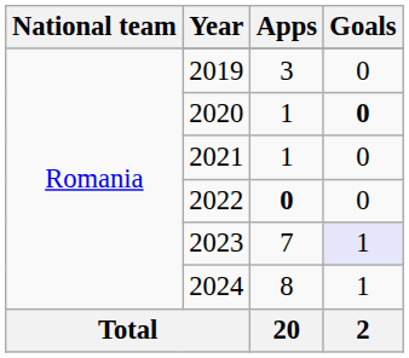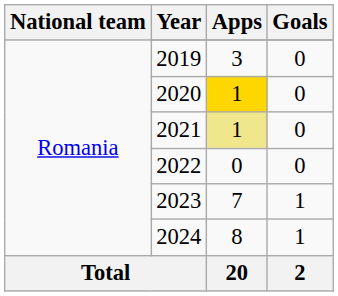 <table class="wikitable" style="text-align:center">
 <tr>
 <th>National team</th>
 <th>Year</th>
 <th>Apps</th>
 <th>Goals</th>
 </tr>
 <tr>
 <td rowspan="7"><a href='#'>Romania</a></td>
 </tr>
 <tr>
 <td>2019</td>
 <td>3</td>
 <td>0</td>
 </tr>
 <tr>
 <td>2020</td>
-<td>1</td>
-<td><strong>0</strong></td>
+<td style="background: gold;">1</td>
+<td>0</td>
 </tr>
 <tr>
 <td>2021</td>
-<td>1</td>
+<td style="background: khaki;">1</td>
 <td>0</td>
 </tr>
 <tr>
 <td>2022</td>
-<td><strong>0</strong></td>
+<td>0</td>
 <td>0</td>
 </tr>
 <tr>
 <td>2023</td>
 <td>7</td>
-<td style="background: lavender;">1</td>
+<td>1</td>
 </tr>
 <tr>
 <td>2024</td>
 <td>8</td>
 <td>1</td>
 </tr>
 <tr>
 <th colspan=2>Total</th>
 <th>20</th>
 <th>2</th>
 </tr>
 </table>
